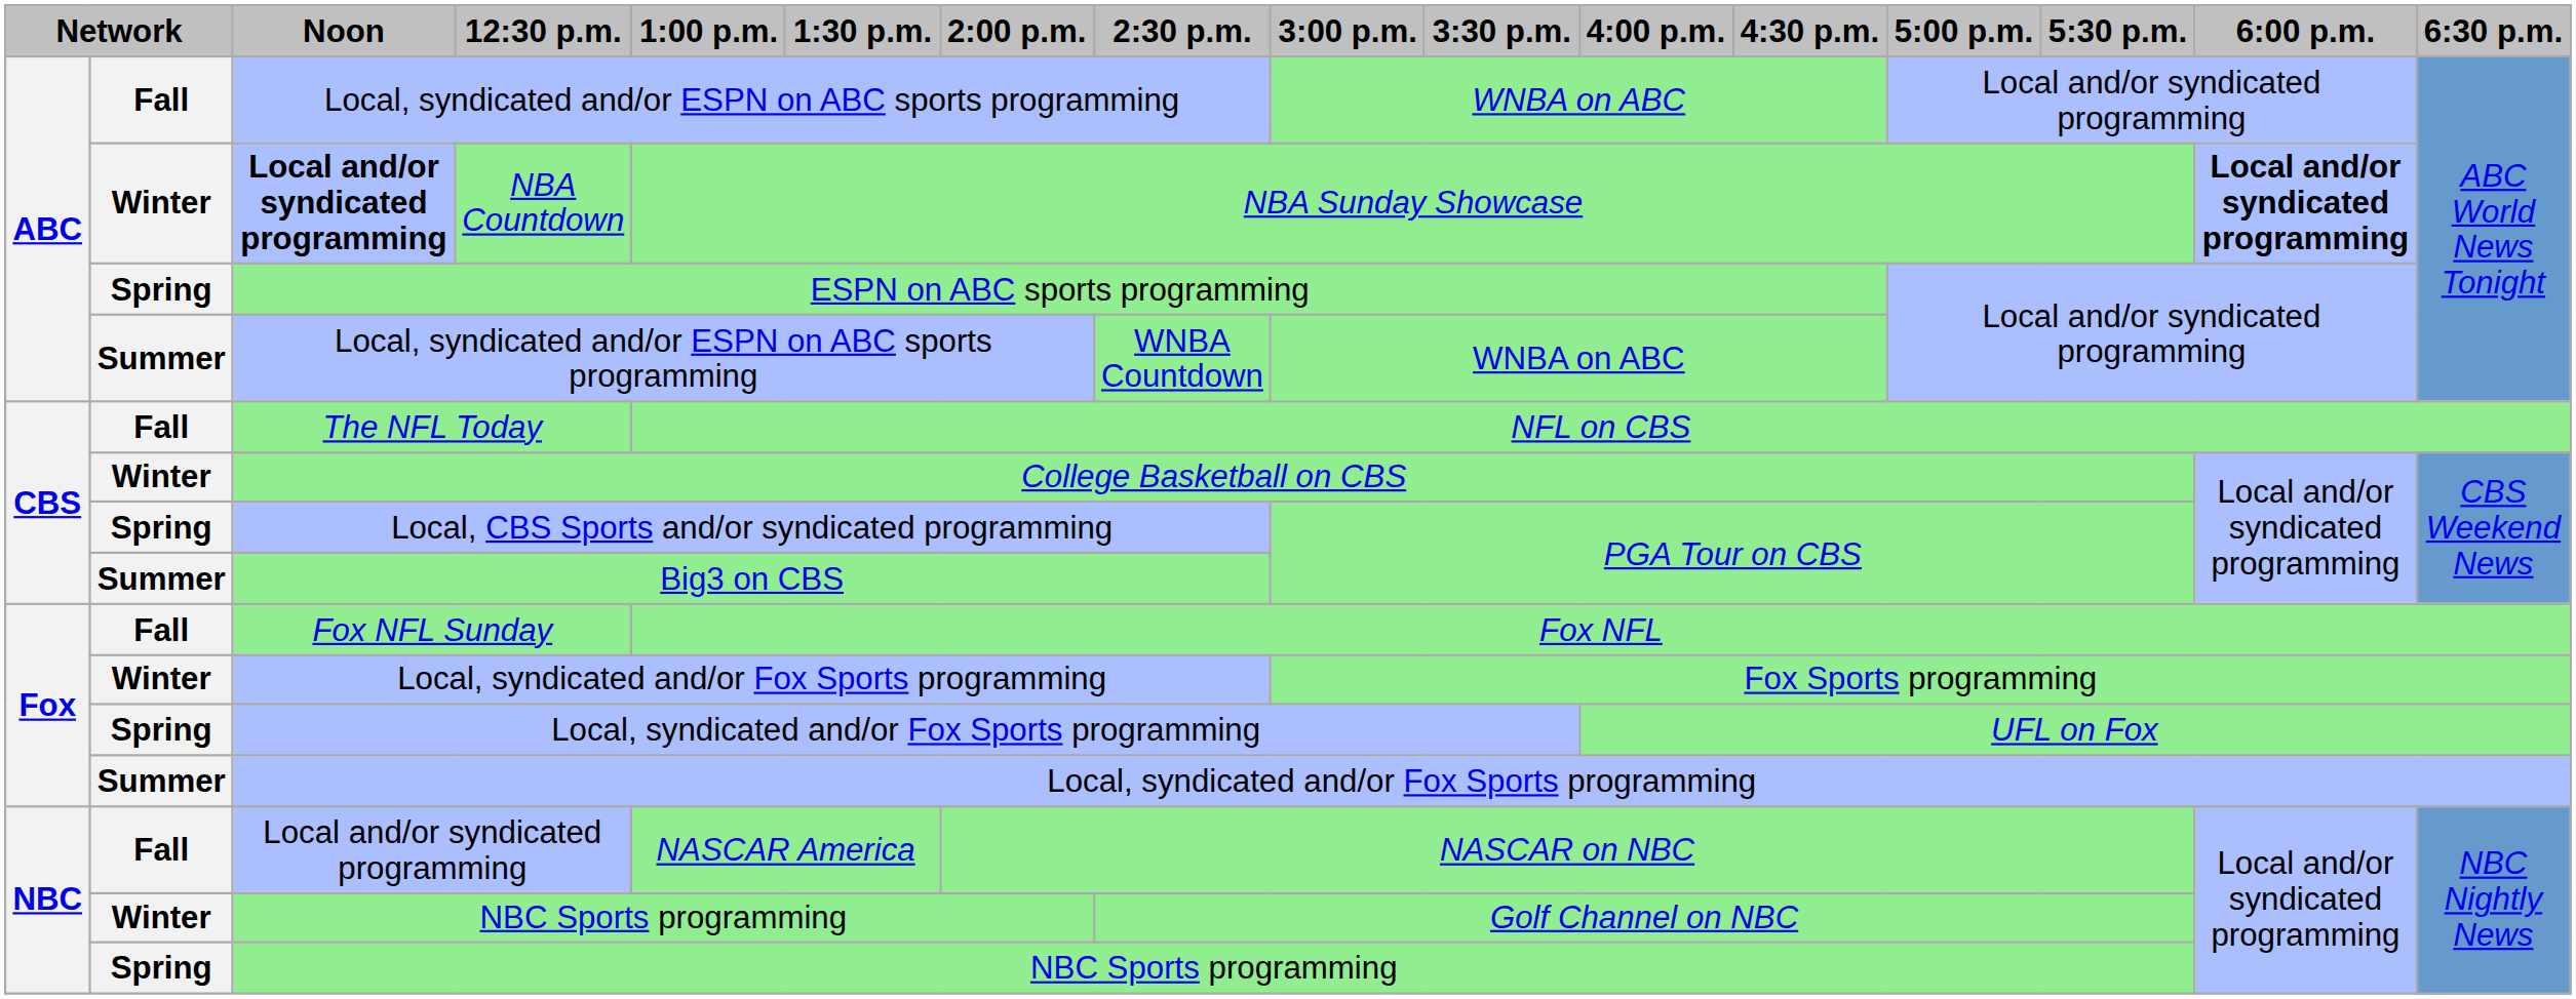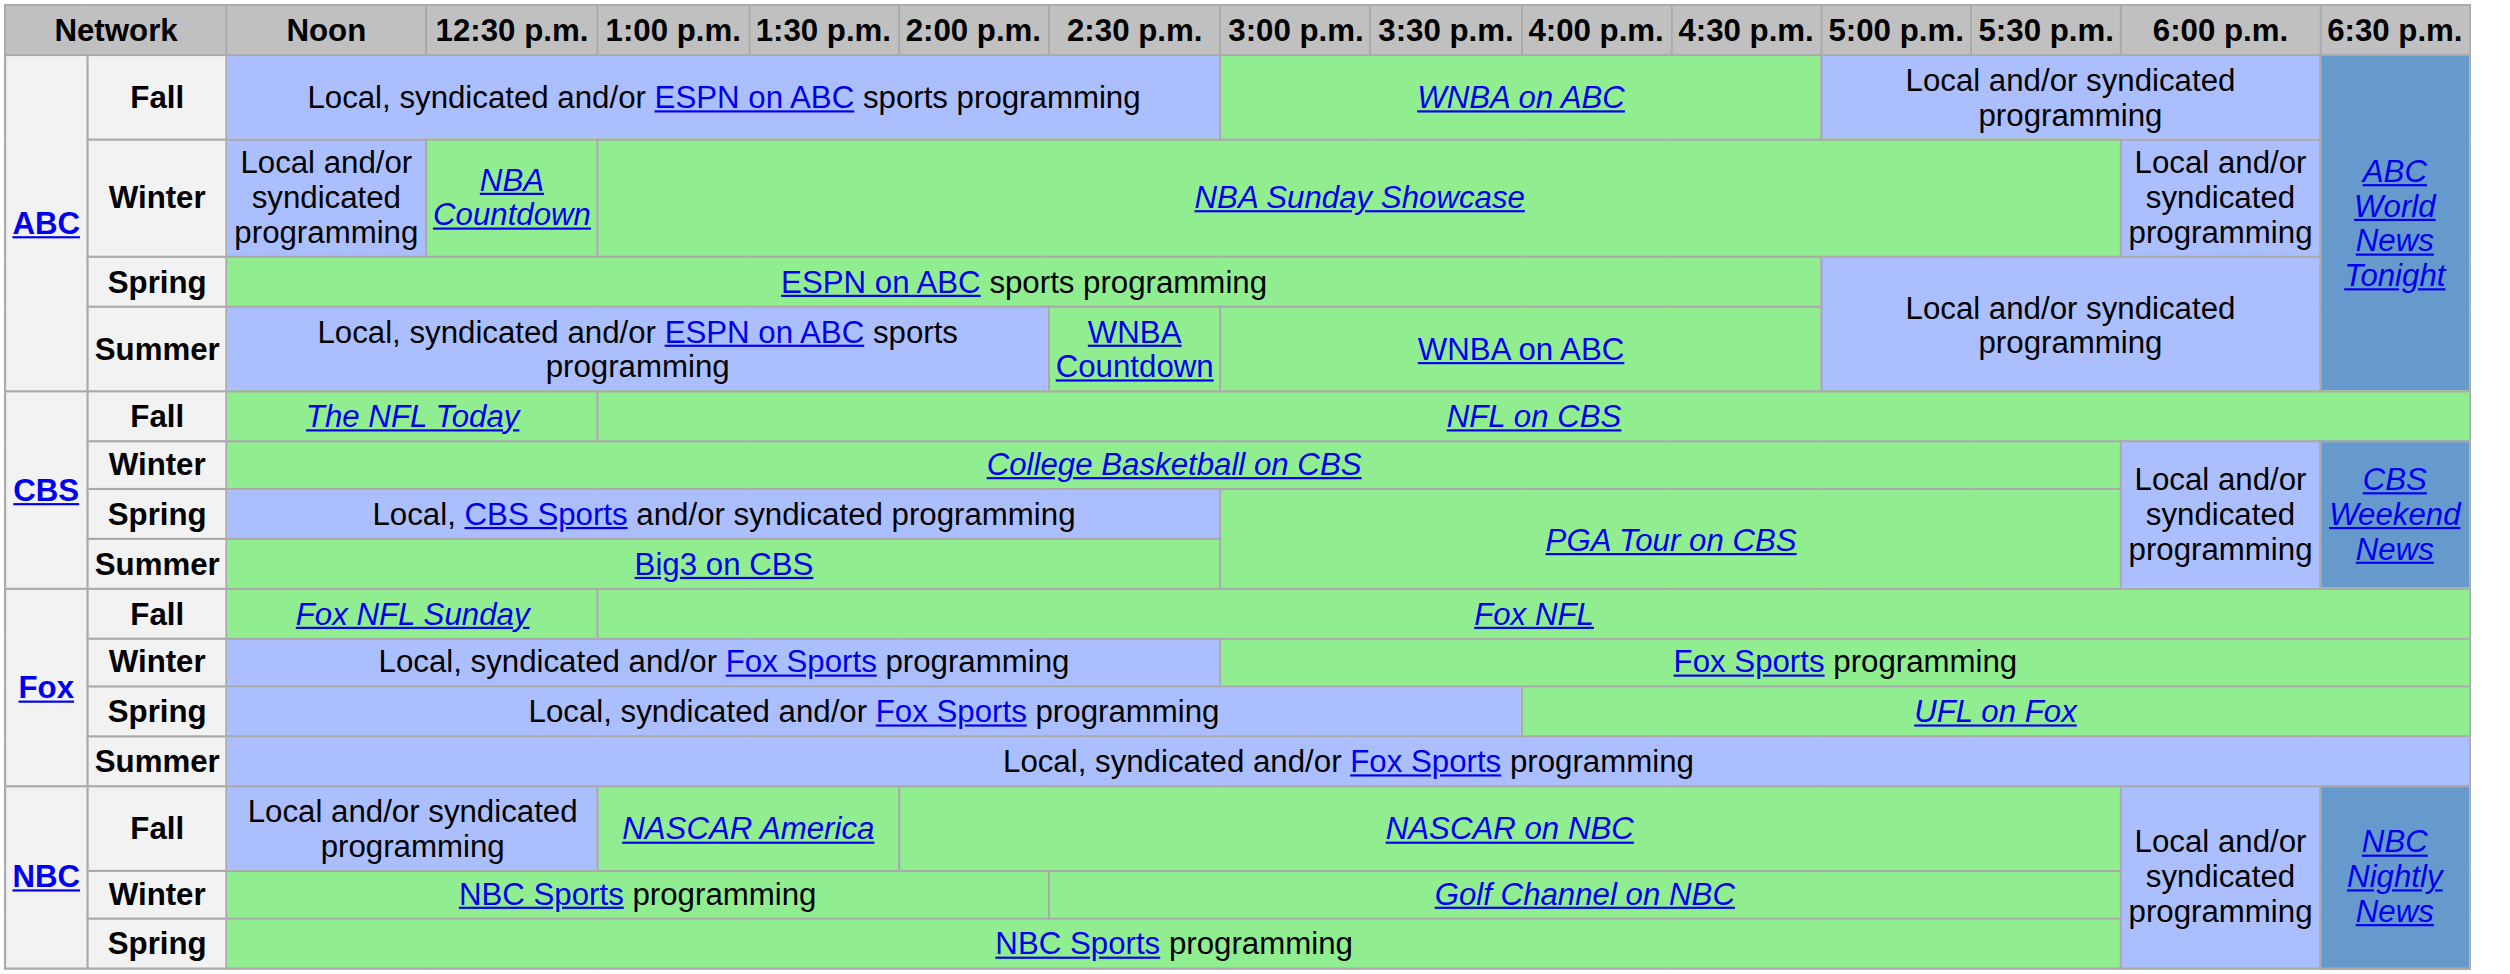 <table class="wikitable" style="width:100%;margin-right:0;font-size:90%;text-align:center">
 <tr>
 <th colspan="2" style="background:#C0C0C0; text-align:center;">Network</th>
 <th width="5%" style="background:#C0C0C0; text-align:center;">Noon</th>
 <th width="5%" style="background:#C0C0C0; text-align:center;">12:30 p.m.</th>
 <th width="5%" style="background:#C0C0C0; text-align:center;">1:00 p.m.</th>
 <th width="5%" style="background:#C0C0C0; text-align:center;">1:30 p.m.</th>
 <th width="5%" style="background:#C0C0C0; text-align:center;">2:00 p.m.</th>
 <th width="5%" style="background:#C0C0C0; text-align:center;">2:30 p.m.</th>
 <th width="5%" style="background:#C0C0C0; text-align:center;">3:00 p.m.</th>
 <th width="5%" style="background:#C0C0C0; text-align:center;">3:30 p.m.</th>
 <th width="5%" style="background:#C0C0C0; text-align:center;">4:00 p.m.</th>
 <th width="5%" style="background:#C0C0C0; text-align:center;">4:30 p.m.</th>
 <th width="5%" style="background:#C0C0C0; text-align:center;">5:00 p.m.</th>
 <th width="5%" style="background:#C0C0C0; text-align:center;">5:30 p.m.</th>
 <th width="5%" style="background:#C0C0C0; text-align:center;">6:00 p.m.</th>
 <th width="5%" style="background:#C0C0C0; text-align:center;">6:30 p.m.</th>
 </tr>
 <tr>
 <th rowspan="4"><a href='#'>ABC</a></th>
 <th>Fall</th>
 <td colspan="6" style="background:#abbfff;">Local, syndicated and/or <a href='#'>ESPN on ABC</a> sports programming</td>
 <td colspan="4" style="background:lightgreen;"><em><a href='#'>WNBA on ABC</a></em></td>
 <td colspan="3" style="background:#abbfff;">Local and/or syndicated programming</td>
 <td rowspan="4" style="background: #6699CC;"><em><a href='#'>ABC World News Tonight</a></em></td>
 </tr>
 <tr>
 <th>Winter</th>
-<td style="background:#abbfff;"><strong>Local and/or syndicated programming</strong></td>
+<td style="background:#abbfff;">Local and/or syndicated programming</td>
 <td style="background:lightgreen;"><em><a href='#'>NBA Countdown</a></em></td>
 <td colspan="10" style="background:lightgreen;"><em><a href='#'>NBA Sunday Showcase</a></em></td>
-<td style="background:#abbfff;"><strong>Local and/or syndicated programming</strong></td>
+<td style="background:#abbfff;">Local and/or syndicated programming</td>
 </tr>
 <tr>
 <th>Spring</th>
 <td colspan="10" style="background:lightgreen;"><a href='#'>ESPN on ABC</a> sports programming</td>
 <td rowspan="2" colspan="3" style="background:#abbfff;">Local and/or syndicated programming</td>
 </tr>
 <tr>
 <th>Summer</th>
 <td colspan="5" style="background:#abbfff;">Local, syndicated and/or <a href='#'>ESPN on ABC</a> sports programming</td>
 <td style="background:lightgreen;"><a href='#'>WNBA Countdown</a></td>
 <td colspan="4" style="background:lightgreen;"><a href='#'>WNBA on ABC</a></td>
 </tr>
 <tr>
 <th rowspan="4"><a href='#'>CBS</a></th>
 <th>Fall</th>
 <td colspan="2" style="background:lightgreen;"><em><a href='#'>The NFL Today</a></em></td>
 <td colspan="12" style="background:lightgreen;"><em><a href='#'>NFL on CBS</a></em> </td>
 </tr>
 <tr>
 <th>Winter</th>
 <td colspan="12" style="background:lightgreen;"><em><a href='#'>College Basketball on CBS</a></em></td>
 <td rowspan="3" style="background:#abbfff;">Local and/or syndicated programming</td>
 <td rowspan="3" style="background: #6699CC;"><em><a href='#'>CBS Weekend News</a></em></td>
 </tr>
 <tr>
 <th>Spring</th>
 <td colspan="6" style="background:#abbfff;">Local, <a href='#'>CBS Sports</a> and/or syndicated programming</td>
 <td colspan="6" rowspan="2" style="background:lightgreen;"><em><a href='#'>PGA Tour on CBS</a></em></td>
 </tr>
 <tr>
 <th>Summer</th>
 <td colspan="6" style="background:lightgreen;"><a href='#'>Big3 on CBS</a></td>
 </tr>
 <tr>
 <th rowspan="4"><a href='#'>Fox</a></th>
 <th>Fall</th>
 <td colspan="2" style="background:lightgreen;"><em><a href='#'>Fox NFL Sunday</a></em></td>
 <td colspan="12" style="background:lightgreen;"><em><a href='#'>Fox NFL</a></em> </td>
 </tr>
 <tr>
 <th>Winter</th>
 <td colspan="6" style="background:#abbfff;">Local, syndicated and/or <a href='#'>Fox Sports</a> programming</td>
 <td colspan="10" style="background:lightgreen"><a href='#'>Fox Sports</a> programming</td>
 </tr>
 <tr>
 <th>Spring</th>
 <td colspan="8" style="background:#abbfff;">Local, syndicated and/or <a href='#'>Fox Sports</a> programming</td>
 <td colspan="6" style="background:lightgreen;"><em><a href='#'>UFL on Fox</a></em></td>
 </tr>
 <tr>
 <th>Summer</th>
 <td colspan="14" style="background:#abbfff;">Local, syndicated and/or <a href='#'>Fox Sports</a> programming</td>
 </tr>
 <tr>
 <th rowspan="3"><a href='#'>NBC</a></th>
 <th>Fall</th>
 <td colspan="2" style="background:#abbfff;">Local and/or syndicated programming</td>
 <td colspan="2" style="background:lightgreen;"><em><a href='#'>NASCAR America</a></em></td>
 <td colspan="8" style="background:lightgreen;"><em><a href='#'>NASCAR on NBC</a></em></td>
 <td rowspan="3" style="background:#abbfff;">Local and/or syndicated programming</td>
 <td rowspan="3" style="background:#6699CC;"><em><a href='#'>NBC Nightly News</a></em></td>
 </tr>
 <tr>
 <th>Winter</th>
 <td colspan="5" style="background:lightgreen;"><a href='#'>NBC Sports</a> programming</td>
 <td colspan="7" style="background:lightgreen;"><em><a href='#'>Golf Channel on NBC</a></em></td>
 </tr>
 <tr>
 <th>Spring</th>
 <td colspan="12" style="background:lightgreen;"><a href='#'>NBC Sports</a> programming</td>
 </tr>
 </table>
